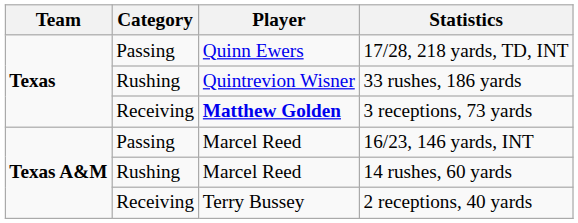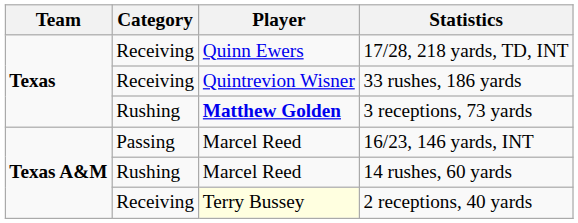 <table class="wikitable" style="float: right;">
 <tr>
 <th>Team</th>
 <th>Category</th>
 <th>Player</th>
 <th>Statistics</th>
 </tr>
 <tr>
 <td rowspan=3><strong>Texas</strong></td>
-<td>Passing</td>
+<td>Receiving</td>
 <td><a href='#'>Quinn Ewers</a></td>
 <td>17/28, 218 yards, TD, INT</td>
 </tr>
 <tr>
-<td>Rushing</td>
+<td>Receiving</td>
 <td><a href='#'>Quintrevion Wisner</a></td>
 <td>33 rushes, 186 yards</td>
 </tr>
 <tr>
-<td>Receiving</td>
+<td>Rushing</td>
 <td><strong><a href='#'>Matthew Golden</a></strong></td>
 <td>3 receptions, 73 yards</td>
 </tr>
 <tr>
 <td rowspan=3><strong>Texas A&M</strong></td>
 <td>Passing</td>
 <td>Marcel Reed</td>
 <td>16/23, 146 yards, INT</td>
 </tr>
 <tr>
 <td>Rushing</td>
 <td>Marcel Reed</td>
 <td>14 rushes, 60 yards</td>
 </tr>
 <tr>
 <td>Receiving</td>
-<td>Terry Bussey</td>
+<td style="background: lightyellow;">Terry Bussey</td>
 <td>2 receptions, 40 yards</td>
 </tr>
 </table>
